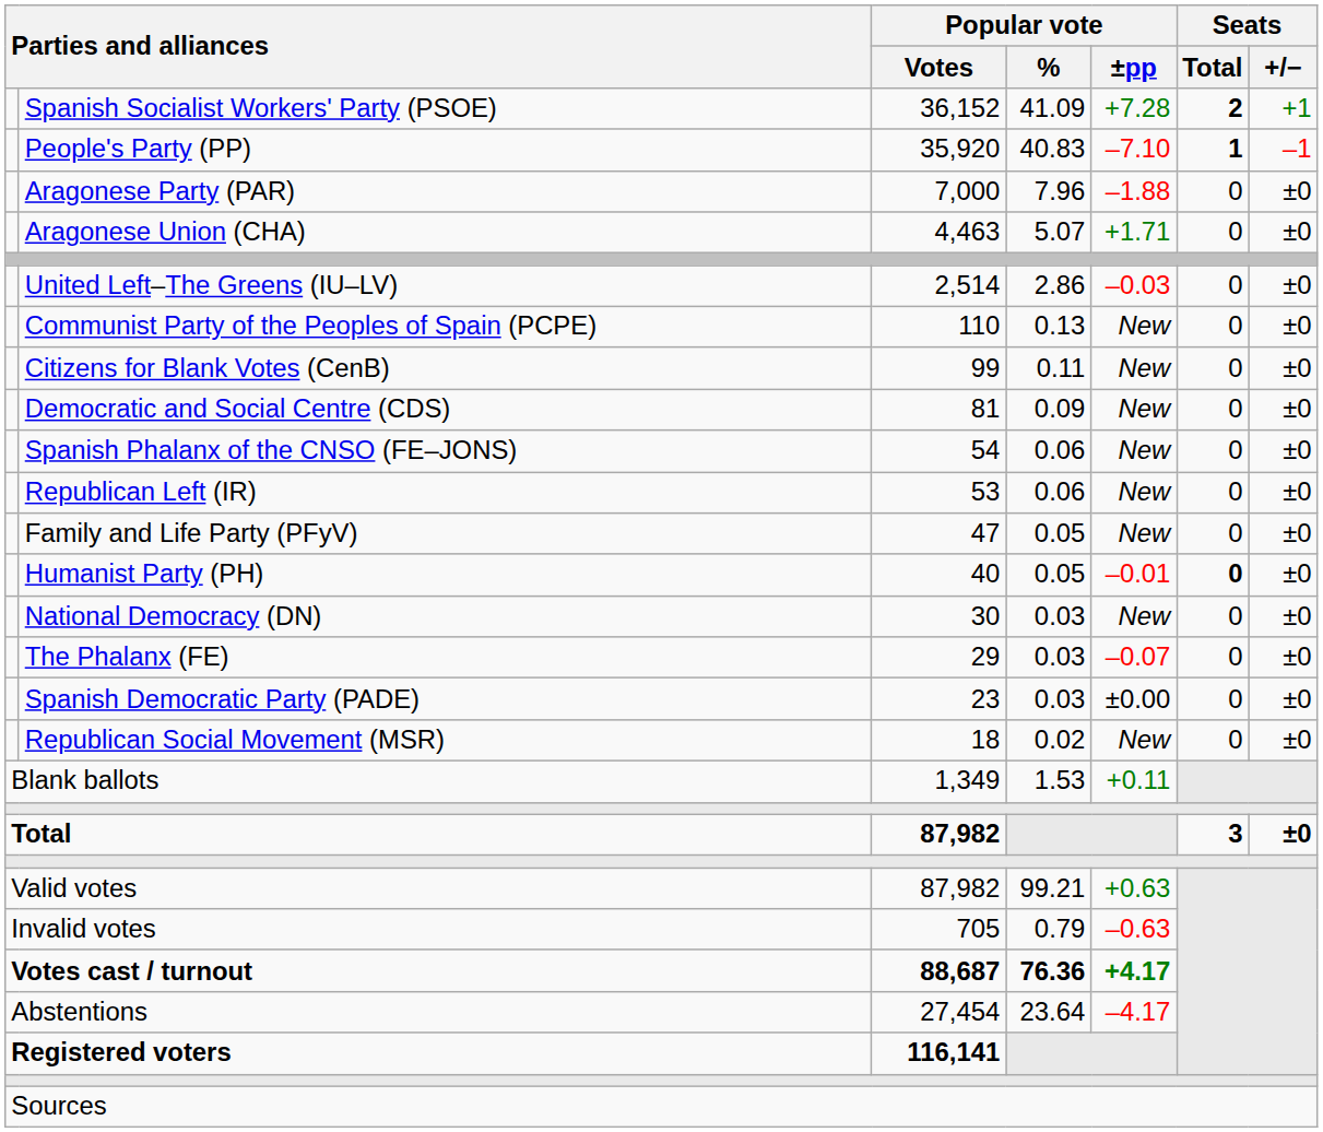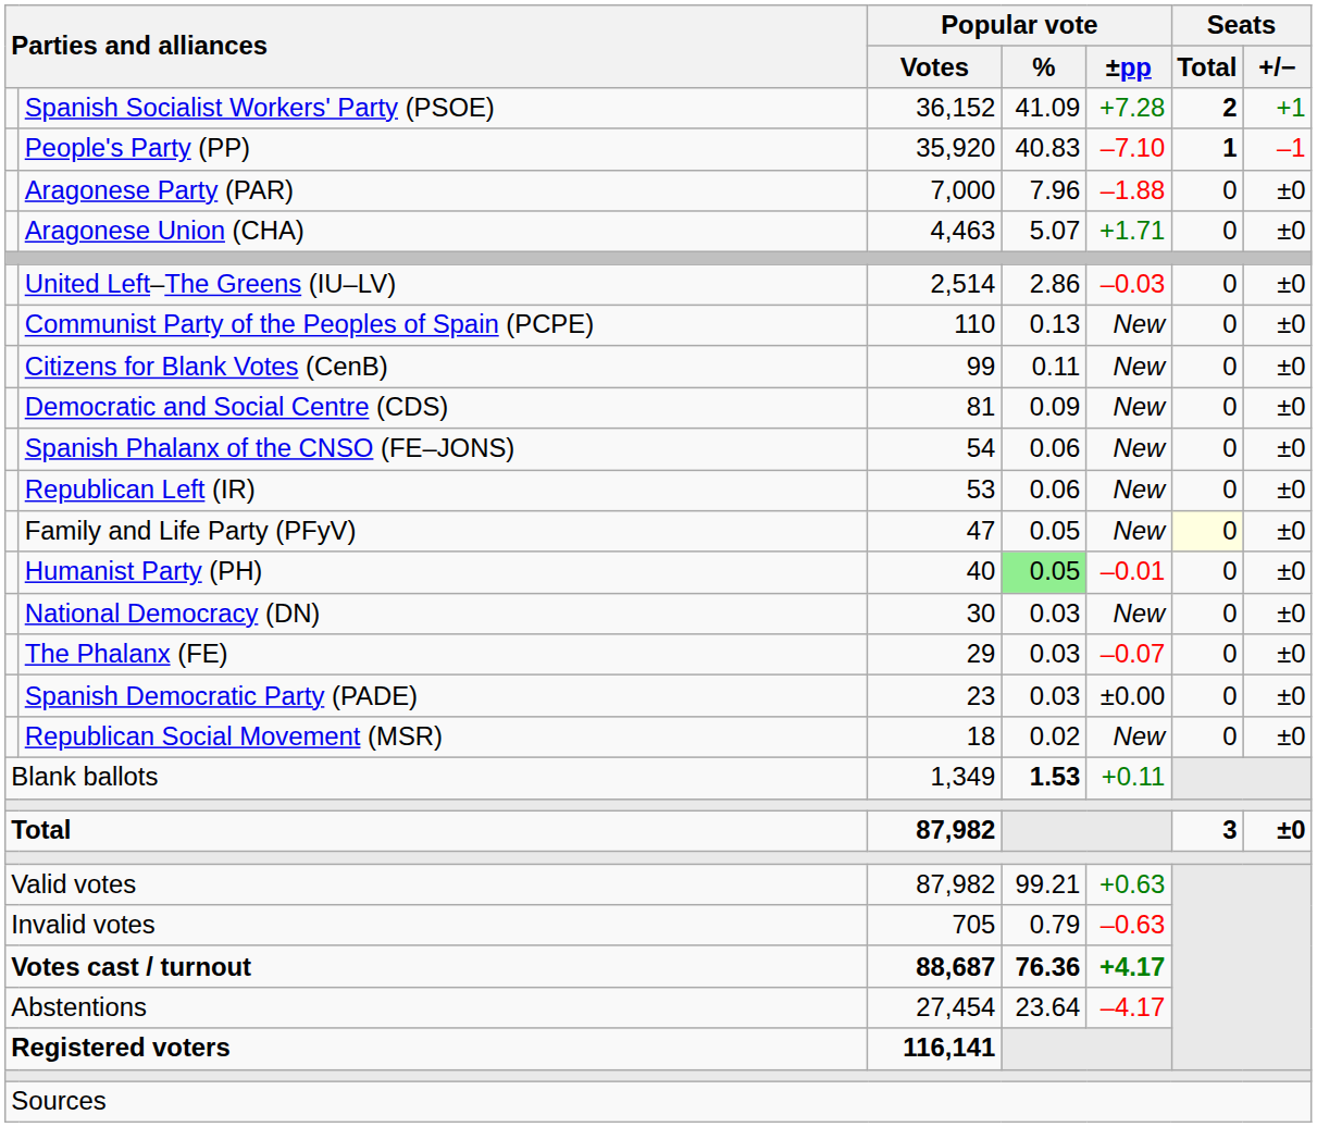 <table class="wikitable" style="text-align:right;">
 <tr>
 <th style="text-align:left;" rowspan="2" colspan="2" width="525">Parties and alliances</th>
 <th colspan="3">Popular vote</th>
 <th colspan="2">Seats</th>
 </tr>
 <tr>
 <th width="75">Votes</th>
 <th width="45">%</th>
 <th width="45">±<a href='#'>pp</a></th>
 <th width="35">Total</th>
 <th width="35">+/−</th>
 </tr>
 <tr>
 <td width="1" style="color:inherit;background:"></td>
 <td align="left"><a href='#'>Spanish Socialist Workers' Party</a> (PSOE)</td>
 <td>36,152</td>
 <td>41.09</td>
 <td style="color:green;">+7.28</td>
 <td><strong>2</strong></td>
 <td style="color:green;">+1</td>
 </tr>
 <tr>
 <td style="color:inherit;background:"></td>
 <td align="left"><a href='#'>People's Party</a> (PP)</td>
 <td>35,920</td>
 <td>40.83</td>
 <td style="color:red;">–7.10</td>
 <td><strong>1</strong></td>
 <td style="color:red;">–1</td>
 </tr>
 <tr>
 <td style="color:inherit;background:"></td>
 <td align="left"><a href='#'>Aragonese Party</a> (PAR)</td>
 <td>7,000</td>
 <td>7.96</td>
 <td style="color:red;">–1.88</td>
 <td>0</td>
 <td>±0</td>
 </tr>
 <tr>
 <td style="color:inherit;background:"></td>
 <td align="left"><a href='#'>Aragonese Union</a> (CHA)</td>
 <td>4,463</td>
 <td>5.07</td>
 <td style="color:green;">+1.71</td>
 <td>0</td>
 <td>±0</td>
 </tr>
 <tr>
 <td colspan="7" bgcolor="#C0C0C0"></td>
 </tr>
 <tr>
 <td style="color:inherit;background:"></td>
 <td align="left"><a href='#'>United Left</a>–<a href='#'>The Greens</a> (IU–LV)</td>
 <td>2,514</td>
 <td>2.86</td>
 <td style="color:red;">–0.03</td>
 <td>0</td>
 <td>±0</td>
 </tr>
 <tr>
 <td style="color:inherit;background:"></td>
 <td align="left"><a href='#'>Communist Party of the Peoples of Spain</a> (PCPE)</td>
 <td>110</td>
 <td>0.13</td>
 <td><em>New</em></td>
 <td>0</td>
 <td>±0</td>
 </tr>
 <tr>
 <td style="color:inherit;background:"></td>
 <td align="left"><a href='#'>Citizens for Blank Votes</a> (CenB)</td>
 <td>99</td>
 <td>0.11</td>
 <td><em>New</em></td>
 <td>0</td>
 <td>±0</td>
 </tr>
 <tr>
 <td style="color:inherit;background:"></td>
 <td align="left"><a href='#'>Democratic and Social Centre</a> (CDS)</td>
 <td>81</td>
 <td>0.09</td>
 <td><em>New</em></td>
 <td>0</td>
 <td>±0</td>
 </tr>
 <tr>
 <td style="color:inherit;background:"></td>
 <td align="left"><a href='#'>Spanish Phalanx of the CNSO</a> (FE–JONS)</td>
 <td>54</td>
 <td>0.06</td>
 <td><em>New</em></td>
 <td>0</td>
 <td>±0</td>
 </tr>
 <tr>
 <td style="color:inherit;background:"></td>
 <td align="left"><a href='#'>Republican Left</a> (IR)</td>
 <td>53</td>
 <td>0.06</td>
 <td><em>New</em></td>
 <td>0</td>
 <td>±0</td>
 </tr>
 <tr>
 <td style="color:inherit;background:"></td>
 <td align="left">Family and Life Party (PFyV)</td>
 <td>47</td>
 <td>0.05</td>
 <td><em>New</em></td>
-<td>0</td>
+<td style="background: lightyellow;">0</td>
 <td>±0</td>
 </tr>
 <tr>
 <td style="color:inherit;background:"></td>
 <td align="left"><a href='#'>Humanist Party</a> (PH)</td>
 <td>40</td>
-<td>0.05</td>
+<td style="background: lightgreen;">0.05</td>
 <td style="color:red;">–0.01</td>
-<td><strong>0</strong></td>
+<td>0</td>
 <td>±0</td>
 </tr>
 <tr>
 <td style="color:inherit;background:"></td>
 <td align="left"><a href='#'>National Democracy</a> (DN)</td>
 <td>30</td>
 <td>0.03</td>
 <td><em>New</em></td>
 <td>0</td>
 <td>±0</td>
 </tr>
 <tr>
 <td style="color:inherit;background:"></td>
 <td align="left"><a href='#'>The Phalanx</a> (FE)</td>
 <td>29</td>
 <td>0.03</td>
 <td style="color:red;">–0.07</td>
 <td>0</td>
 <td>±0</td>
 </tr>
 <tr>
 <td style="color:inherit;background:"></td>
 <td align="left"><a href='#'>Spanish Democratic Party</a> (PADE)</td>
 <td>23</td>
 <td>0.03</td>
 <td>±0.00</td>
 <td>0</td>
 <td>±0</td>
 </tr>
 <tr>
 <td style="color:inherit;background:"></td>
 <td align="left"><a href='#'>Republican Social Movement</a> (MSR)</td>
 <td>18</td>
 <td>0.02</td>
 <td><em>New</em></td>
 <td>0</td>
 <td>±0</td>
 </tr>
 <tr>
 <td align="left" colspan="2">Blank ballots</td>
 <td>1,349</td>
-<td>1.53</td>
+<td><strong>1.53</strong></td>
 <td style="color:green;">+0.11</td>
 <td bgcolor="#E9E9E9" colspan="2"></td>
 </tr>
 <tr>
 <td colspan="7" bgcolor="#E9E9E9"></td>
 </tr>
 <tr style="font-weight:bold;">
 <td align="left" colspan="2">Total</td>
 <td>87,982</td>
 <td bgcolor="#E9E9E9" colspan="2"></td>
 <td>3</td>
 <td>±0</td>
 </tr>
 <tr>
 <td colspan="7" bgcolor="#E9E9E9"></td>
 </tr>
 <tr>
 <td align="left" colspan="2">Valid votes</td>
 <td>87,982</td>
 <td>99.21</td>
 <td style="color:green;">+0.63</td>
 <td bgcolor="#E9E9E9" colspan="2" rowspan="5"></td>
 </tr>
 <tr>
 <td align="left" colspan="2">Invalid votes</td>
 <td>705</td>
 <td>0.79</td>
 <td style="color:red;">–0.63</td>
 </tr>
 <tr style="font-weight:bold;">
 <td align="left" colspan="2">Votes cast / turnout</td>
 <td>88,687</td>
 <td>76.36</td>
 <td style="color:green;">+4.17</td>
 </tr>
 <tr>
 <td align="left" colspan="2">Abstentions</td>
 <td>27,454</td>
 <td>23.64</td>
 <td style="color:red;">–4.17</td>
 </tr>
 <tr style="font-weight:bold;">
 <td align="left" colspan="2">Registered voters</td>
 <td>116,141</td>
 <td bgcolor="#E9E9E9" colspan="2"></td>
 </tr>
 <tr>
 <td colspan="7" bgcolor="#E9E9E9"></td>
 </tr>
 <tr>
 <td align="left" colspan="7">Sources</td>
 </tr>
 </table>
